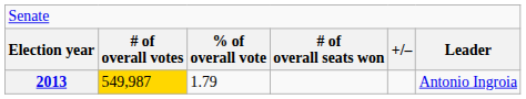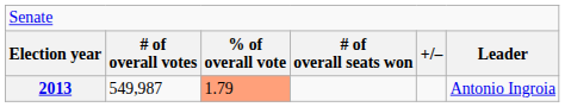 <table class=wikitable>
 <tr>
 <td colspan=6><a href='#'>Senate</a></td>
 </tr>
 <tr>
 <th>Election year</th>
 <th># of<br>overall votes</th>
 <th>% of<br>overall vote</th>
 <th># of<br>overall seats won</th>
 <th>+/–</th>
 <th>Leader</th>
 </tr>
 <tr>
 <th><a href='#'>2013</a></th>
-<td style="background: gold;">549,987</td>
-<td>1.79</td>
+<td>549,987</td>
+<td style="background: lightsalmon;">1.79</td>
 <td></td>
 <td></td>
 <td><a href='#'>Antonio Ingroia</a></td>
 </tr>
 </table>
